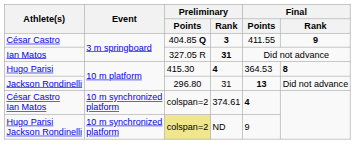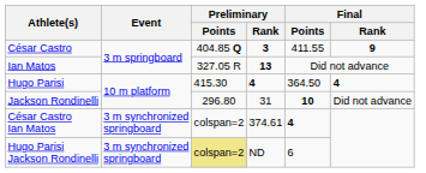 <table class=wikitable style="font-size:90%">
 <tr>
 <th rowspan="2">Athlete(s)</th>
 <th rowspan="2">Event</th>
 <th colspan="2">Preliminary</th>
 <th colspan="2">Final</th>
 </tr>
 <tr>
 <th>Points</th>
 <th>Rank</th>
 <th>Points</th>
 <th>Rank</th>
 </tr>
 <tr align=center>
 <td align=left><a href='#'>César Castro</a></td>
 <td align=left rowspan=2><a href='#'>3 m springboard</a></td>
 <td>404.85 <strong>Q</strong></td>
 <td><strong>3</strong></td>
 <td>411.55</td>
 <td><strong>9</strong></td>
 </tr>
 <tr align=center>
 <td align=left><a href='#'>Ian Matos</a></td>
 <td>327.05 R</td>
-<td><strong>31</strong></td>
+<td><strong>13</strong></td>
 <td colspan=2>Did not advance</td>
 </tr>
 <tr>
 <td align=left><a href='#'>Hugo Parisi</a></td>
 <td align=left rowspan=2><a href='#'>10 m platform</a></td>
 <td>415.30</td>
 <td><strong>4</strong></td>
-<td>364.53</td>
-<td><strong>8</strong></td>
+<td>364.50</td>
+<td><strong>4</strong></td>
 </tr>
 <tr align=center>
 <td align=left><a href='#'>Jackson Rondinelli</a></td>
 <td>296.80</td>
 <td>31</td>
-<td><strong>13</strong></td>
+<td><strong>10</strong></td>
 <td colspan=2>Did not advance</td>
 </tr>
 <tr>
 <td align=left><a href='#'>César Castro</a><br><a href='#'>Ian Matos</a></td>
-<td align=left><a href='#'>10 m synchronized<br>platform</a></td>
+<td align=left><a href='#'>3 m synchronized<br>springboard</a></td>
 <td>colspan=2 </td>
 <td>374.61</td>
 <td><strong>4</strong></td>
 </tr>
 <tr>
 <td align=left><a href='#'>Hugo Parisi</a><br><a href='#'>Jackson Rondinelli</a></td>
-<td align=left><a href='#'>10 m synchronized<br>platform</a></td>
+<td align=left><a href='#'>3 m synchronized<br>springboard</a></td>
 <td style="background: khaki;">colspan=2 </td>
 <td>ND</td>
-<td>9</td>
+<td>6</td>
 </tr>
 </table>
